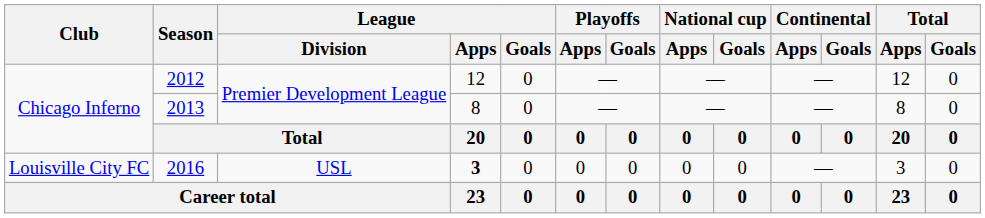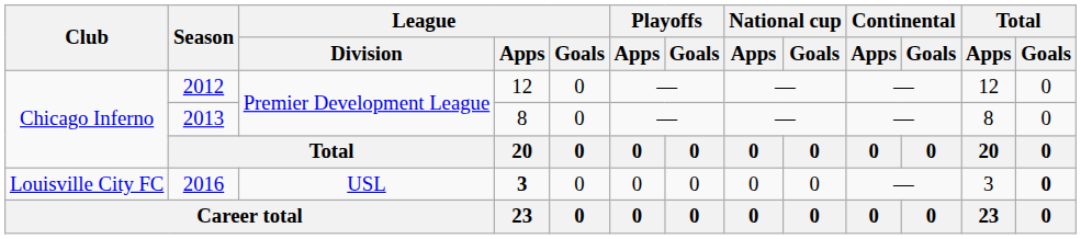 <table class="wikitable" style="text-align: center">
 <tr>
 <th rowspan="2">Club</th>
 <th rowspan="2">Season</th>
 <th colspan="3">League</th>
 <th colspan="2">Playoffs</th>
 <th colspan="2">National cup</th>
 <th colspan="2">Continental</th>
 <th colspan="2">Total</th>
 </tr>
 <tr>
 <th>Division</th>
 <th>Apps</th>
 <th>Goals</th>
 <th>Apps</th>
 <th>Goals</th>
 <th>Apps</th>
 <th>Goals</th>
 <th>Apps</th>
 <th>Goals</th>
 <th>Apps</th>
 <th>Goals</th>
 </tr>
 <tr>
 <td rowspan=3><a href='#'>Chicago Inferno</a></td>
 <td><a href='#'>2012</a></td>
 <td rowspan=2><a href='#'>Premier Development League</a></td>
 <td>12</td>
 <td>0</td>
 <td colspan="2">—</td>
 <td colspan="2">—</td>
 <td colspan="2">—</td>
 <td>12</td>
 <td>0</td>
 </tr>
 <tr>
 <td><a href='#'>2013</a></td>
 <td>8</td>
 <td>0</td>
 <td colspan="2">—</td>
 <td colspan="2">—</td>
 <td colspan="2">—</td>
 <td>8</td>
 <td>0</td>
 </tr>
 <tr>
 <th colspan="2">Total</th>
 <th>20</th>
 <th>0</th>
 <th>0</th>
 <th>0</th>
 <th>0</th>
 <th>0</th>
 <th>0</th>
 <th>0</th>
 <th>20</th>
 <th>0</th>
 </tr>
 <tr>
 <td><a href='#'>Louisville City FC</a></td>
 <td><a href='#'>2016</a></td>
 <td><a href='#'>USL</a></td>
 <td><strong>3</strong></td>
 <td>0</td>
 <td>0</td>
 <td>0</td>
 <td>0</td>
 <td>0</td>
 <td colspan="2">—</td>
 <td>3</td>
-<td>0</td>
+<td><strong>0</strong></td>
 </tr>
 <tr>
 <th colspan="3">Career total</th>
 <th>23</th>
 <th>0</th>
 <th>0</th>
 <th>0</th>
 <th>0</th>
 <th>0</th>
 <th>0</th>
 <th>0</th>
 <th>23</th>
 <th>0</th>
 </tr>
 </table>
